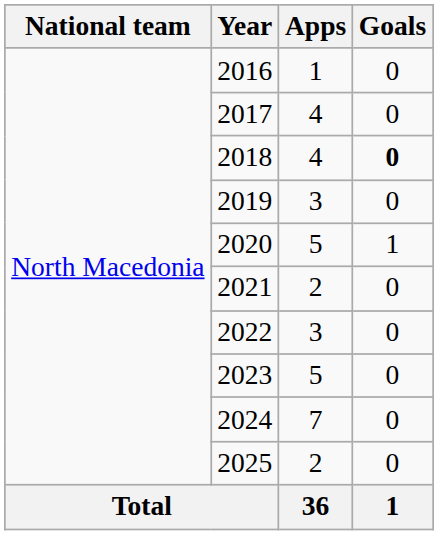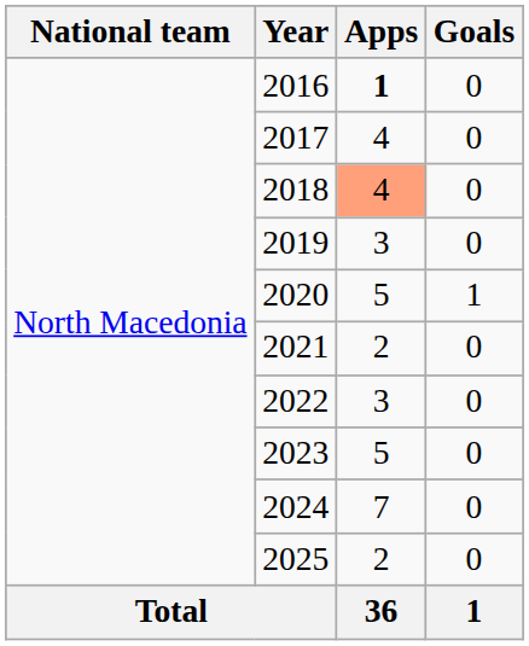 <table class="wikitable" style="text-align:center">
 <tr>
 <th>National team</th>
 <th>Year</th>
 <th>Apps</th>
 <th>Goals</th>
 </tr>
 <tr>
 <td rowspan="10"><a href='#'>North Macedonia</a></td>
 <td>2016</td>
-<td>1</td>
+<td><strong>1</strong></td>
 <td>0</td>
 </tr>
 <tr>
 <td>2017</td>
 <td>4</td>
 <td>0</td>
 </tr>
 <tr>
 <td>2018</td>
-<td>4</td>
-<td><strong>0</strong></td>
+<td style="background: lightsalmon;">4</td>
+<td>0</td>
 </tr>
 <tr>
 <td>2019</td>
 <td>3</td>
 <td>0</td>
 </tr>
 <tr>
 <td>2020</td>
 <td>5</td>
 <td>1</td>
 </tr>
 <tr>
 <td>2021</td>
 <td>2</td>
 <td>0</td>
 </tr>
 <tr>
 <td>2022</td>
 <td>3</td>
 <td>0</td>
 </tr>
 <tr>
 <td>2023</td>
 <td>5</td>
 <td>0</td>
 </tr>
 <tr>
 <td>2024</td>
 <td>7</td>
 <td>0</td>
 </tr>
 <tr>
 <td>2025</td>
 <td>2</td>
 <td>0</td>
 </tr>
 <tr>
 <th colspan="2">Total</th>
 <th>36</th>
 <th>1</th>
 </tr>
 </table>
